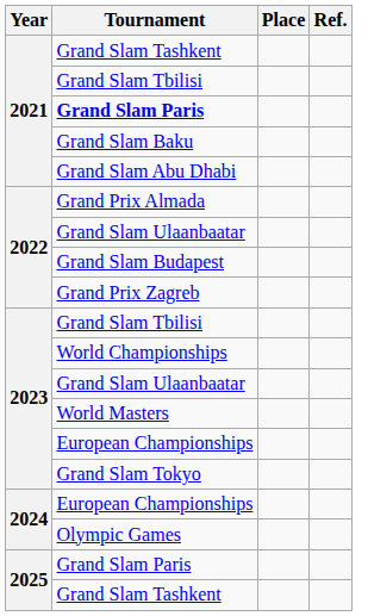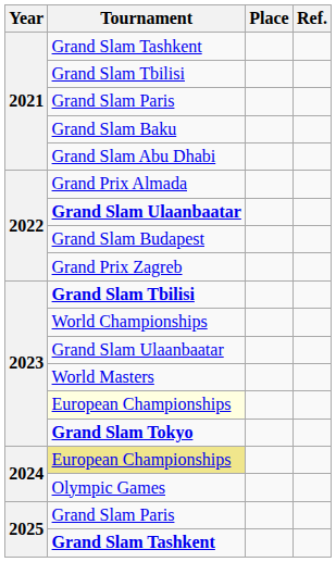 <table class="wikitable sortable" style="text-align:center;">
 <tr>
 <th>Year</th>
 <th>Tournament</th>
 <th>Place</th>
 <th>Ref.</th>
 </tr>
 <tr>
 <th rowspan=5>2021</th>
 <td align=left><a href='#'>Grand Slam Tashkent</a></td>
 <td></td>
 <td></td>
 </tr>
 <tr>
 <td align=left><a href='#'>Grand Slam Tbilisi</a></td>
 <td></td>
 <td></td>
 </tr>
 <tr>
-<td align=left><strong><a href='#'>Grand Slam Paris</a></strong></td>
+<td align=left><a href='#'>Grand Slam Paris</a></td>
 <td></td>
 <td></td>
 </tr>
 <tr>
 <td align=left><a href='#'>Grand Slam Baku</a></td>
 <td></td>
 <td></td>
 </tr>
 <tr>
 <td align=left><a href='#'>Grand Slam Abu Dhabi</a></td>
 <td></td>
 <td></td>
 </tr>
 <tr>
 <th rowspan=4>2022</th>
 <td align=left><a href='#'>Grand Prix Almada</a></td>
 <td></td>
 <td></td>
 </tr>
 <tr>
-<td align=left><a href='#'>Grand Slam Ulaanbaatar</a></td>
+<td align=left><strong><a href='#'>Grand Slam Ulaanbaatar</a></strong></td>
 <td></td>
 <td></td>
 </tr>
 <tr>
 <td align=left><a href='#'>Grand Slam Budapest</a></td>
 <td></td>
 <td></td>
 </tr>
 <tr>
 <td align=left><a href='#'>Grand Prix Zagreb</a></td>
 <td></td>
 <td></td>
 </tr>
 <tr>
 <th rowspan=6>2023</th>
-<td align=left><a href='#'>Grand Slam Tbilisi</a></td>
+<td align=left><strong><a href='#'>Grand Slam Tbilisi</a></strong></td>
 <td></td>
 <td></td>
 </tr>
 <tr>
 <td align=left><a href='#'>World Championships</a></td>
 <td></td>
 <td></td>
 </tr>
 <tr>
 <td align=left><a href='#'>Grand Slam Ulaanbaatar</a></td>
 <td></td>
 <td></td>
 </tr>
 <tr>
 <td align=left><a href='#'>World Masters</a></td>
 <td></td>
 <td></td>
 </tr>
 <tr>
-<td align=left><a href='#'>European Championships</a></td>
+<td align=left style="background: lightyellow;"><a href='#'>European Championships</a></td>
 <td></td>
 <td></td>
 </tr>
 <tr>
-<td align=left><a href='#'>Grand Slam Tokyo</a></td>
+<td align=left><strong><a href='#'>Grand Slam Tokyo</a></strong></td>
 <td></td>
 <td></td>
 </tr>
 <tr>
 <th rowspan=2>2024</th>
-<td align=left><a href='#'>European Championships</a></td>
+<td align=left style="background: khaki;"><a href='#'>European Championships</a></td>
 <td></td>
 <td></td>
 </tr>
 <tr>
 <td align=left><a href='#'>Olympic Games</a></td>
 <td></td>
 <td></td>
 </tr>
 <tr>
 <th rowspan=2>2025</th>
 <td align=left><a href='#'>Grand Slam Paris</a></td>
 <td></td>
 <td></td>
 </tr>
 <tr>
-<td align=left><a href='#'>Grand Slam Tashkent</a></td>
+<td align=left><strong><a href='#'>Grand Slam Tashkent</a></strong></td>
 <td></td>
 <td></td>
 </tr>
 </table>
